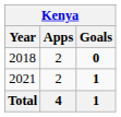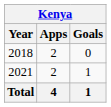 <table class="wikitable" style="text-align:center">
 <tr>
 <th colspan=4><a href='#'>Kenya</a></th>
 </tr>
 <tr>
 <th>Year</th>
 <th>Apps</th>
 <th>Goals</th>
 </tr>
 <tr>
 <td>2018</td>
 <td>2</td>
-<td><strong>0</strong></td>
+<td>0</td>
 </tr>
 <tr>
 <td>2021</td>
 <td>2</td>
-<td><strong>1</strong></td>
+<td>1</td>
 </tr>
 <tr>
 <th>Total</th>
 <th>4</th>
 <th>1</th>
 </tr>
 </table>
